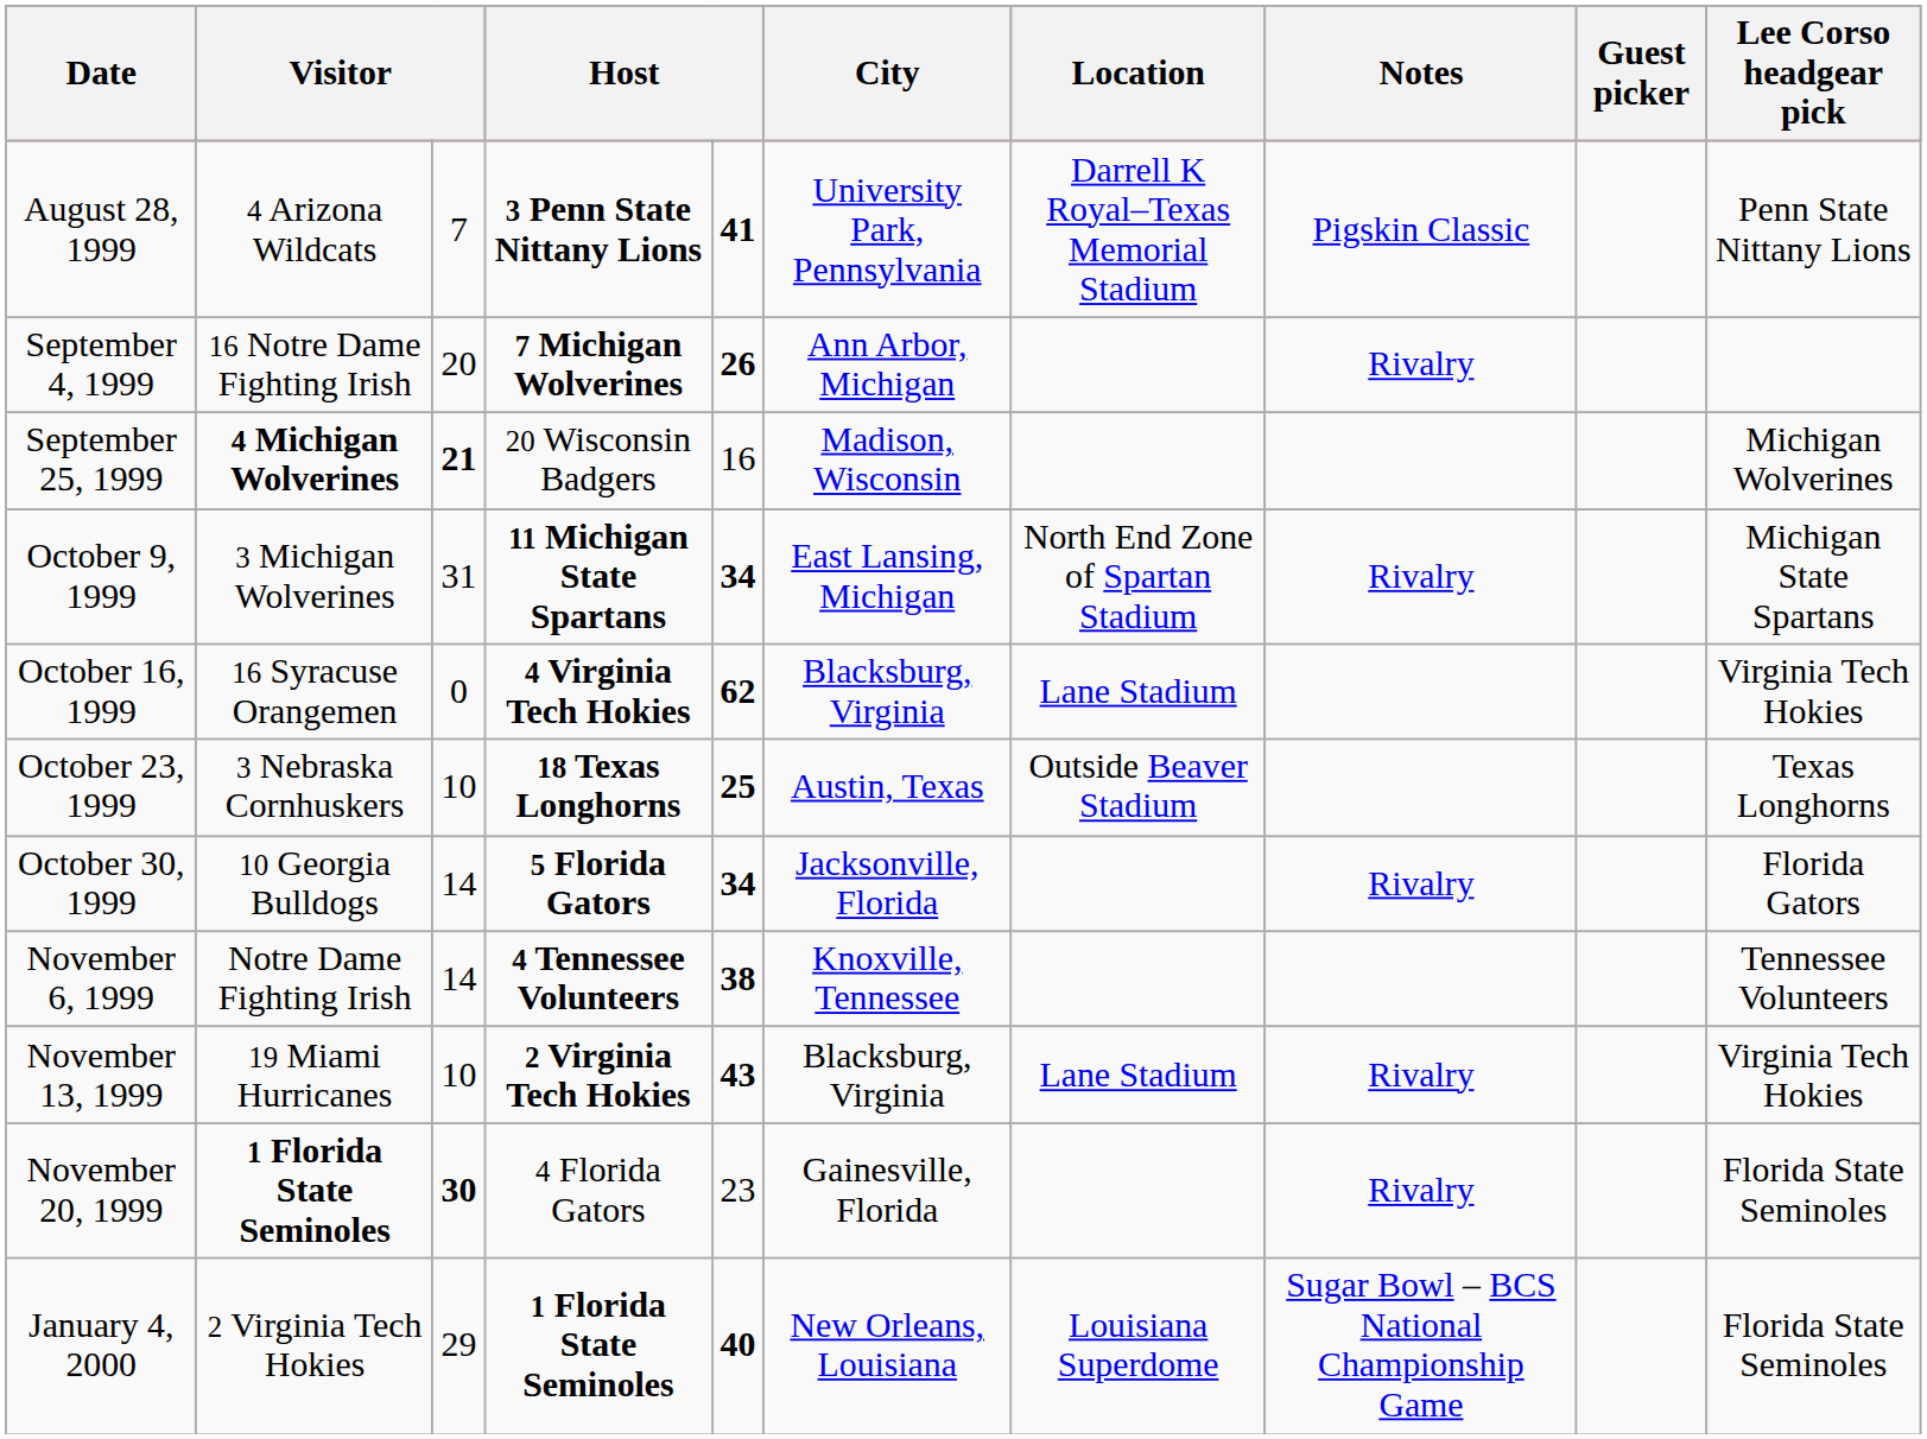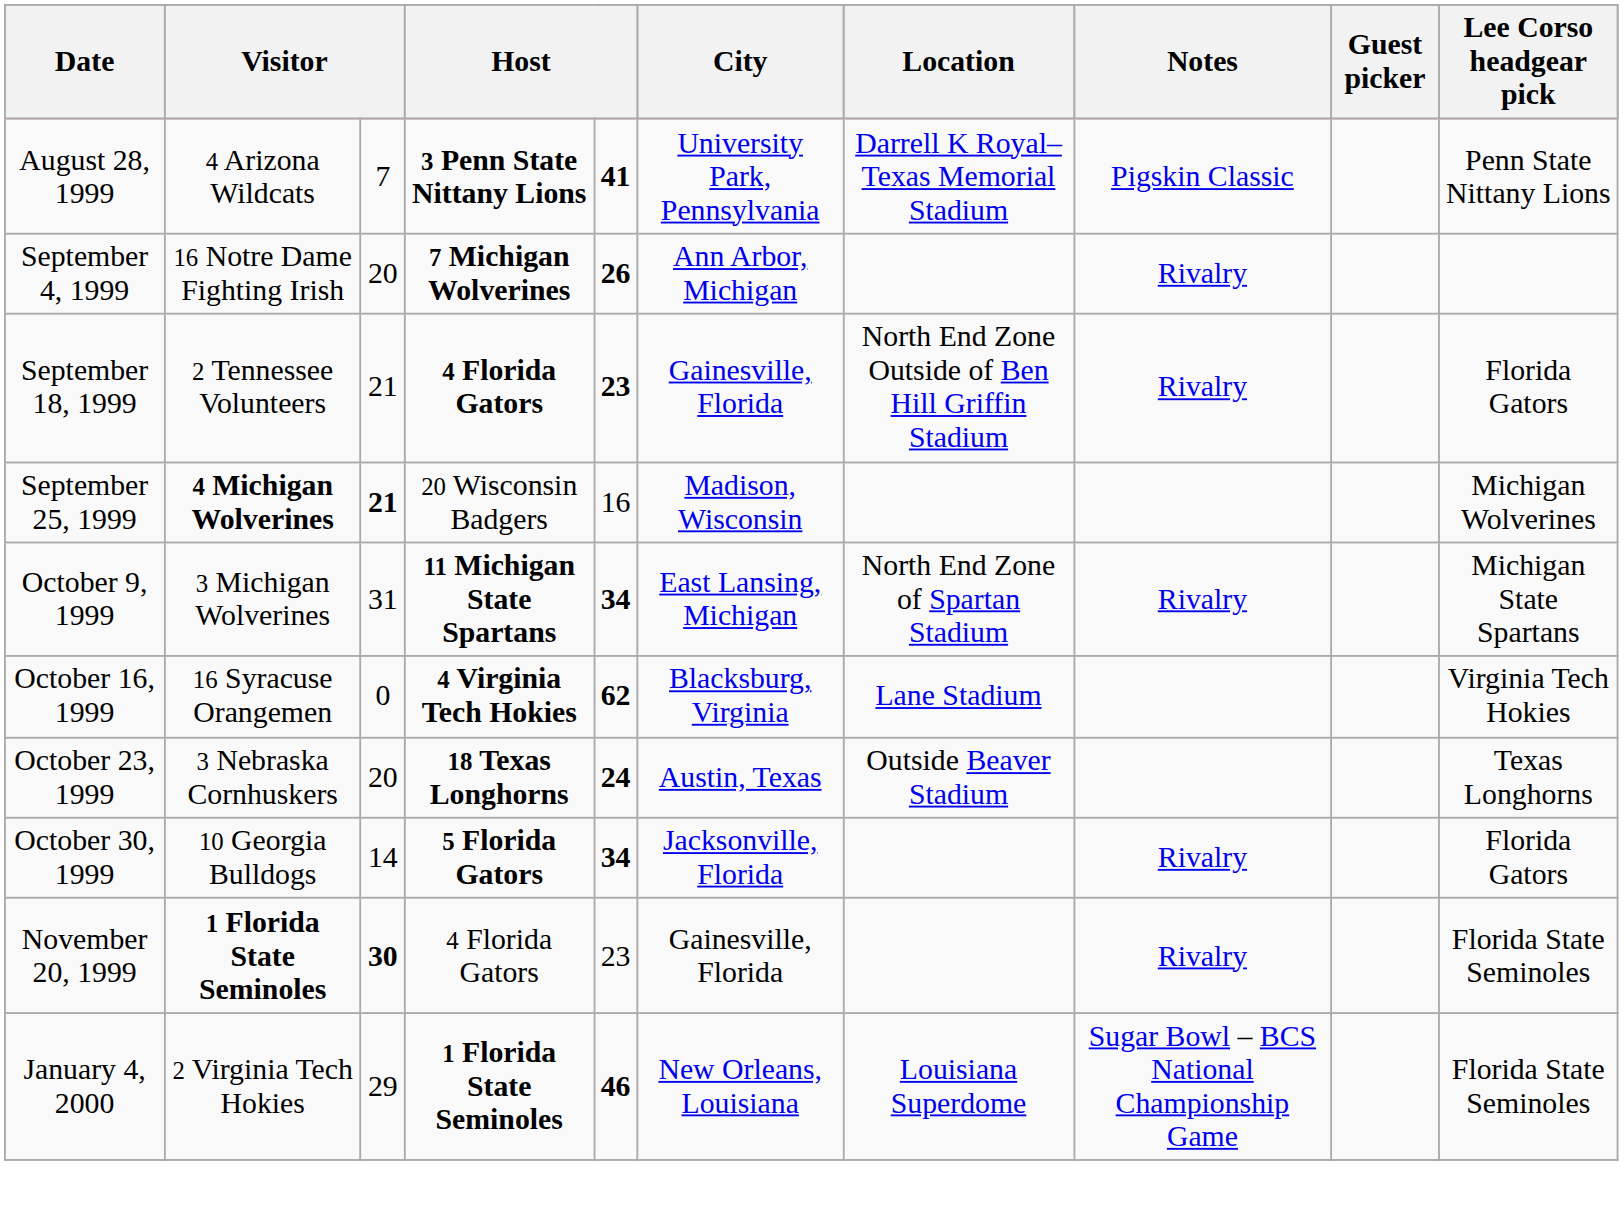 <table class="wikitable" style="text-align:center">
 <tr style="background:#A32638;"|>
 <th>Date</th>
 <th colspan=2>Visitor</th>
 <th colspan=2>Host</th>
 <th>City</th>
 <th>Location</th>
 <th>Notes</th>
 <th>Guest picker</th>
 <th>Lee Corso headgear pick</th>
 </tr>
 <tr>
 <td>August 28, 1999</td>
 <td><small>4</small> Arizona Wildcats</td>
 <td>7</td>
 <td><strong><small>3</small> Penn State Nittany Lions</strong></td>
 <td><strong>41</strong></td>
 <td><a href='#'>University Park, Pennsylvania</a></td>
 <td><a href='#'>Darrell K Royal–Texas Memorial Stadium</a></td>
 <td><a href='#'>Pigskin Classic</a></td>
 <td></td>
 <td>Penn State Nittany Lions</td>
 </tr>
 <tr>
 <td>September 4, 1999</td>
 <td><small>16</small> Notre Dame Fighting Irish</td>
 <td>20</td>
 <td><strong><small>7</small> Michigan Wolverines</strong></td>
 <td><strong>26</strong></td>
 <td><a href='#'>Ann Arbor, Michigan</a></td>
 <td></td>
 <td><a href='#'>Rivalry</a></td>
 <td></td>
 <td></td>
+</tr>
+<tr>
+<td>September 18, 1999</td>
+<td><small>2</small> Tennessee Volunteers</td>
+<td>21</td>
+<td><strong><small>4</small> Florida Gators</strong></td>
+<td><strong>23</strong></td>
+<td><a href='#'>Gainesville, Florida</a></td>
+<td>North End Zone Outside of <a href='#'>Ben Hill Griffin Stadium</a></td>
+<td><a href='#'>Rivalry</a></td>
+<td></td>
+<td>Florida Gators</td>
 </tr>
 <tr>
 <td>September 25, 1999</td>
 <td><strong><small>4</small> Michigan Wolverines</strong></td>
 <td><strong>21</strong></td>
 <td><small>20</small> Wisconsin Badgers</td>
 <td>16</td>
 <td><a href='#'>Madison, Wisconsin</a></td>
 <td></td>
 <td></td>
 <td></td>
 <td>Michigan Wolverines</td>
 </tr>
 <tr>
 <td>October 9, 1999</td>
 <td><small>3</small> Michigan Wolverines</td>
 <td>31</td>
 <td><strong><small>11</small> Michigan State Spartans</strong></td>
 <td><strong>34</strong></td>
 <td><a href='#'>East Lansing, Michigan</a></td>
 <td>North End Zone of <a href='#'>Spartan Stadium</a></td>
 <td><a href='#'>Rivalry</a></td>
 <td></td>
 <td>Michigan State Spartans</td>
 </tr>
 <tr>
 <td>October 16, 1999</td>
 <td><small>16</small> Syracuse Orangemen</td>
 <td>0</td>
 <td><strong><small>4</small> Virginia Tech Hokies</strong></td>
 <td><strong>62</strong></td>
 <td><a href='#'>Blacksburg, Virginia</a></td>
 <td><a href='#'>Lane Stadium</a></td>
 <td></td>
 <td></td>
 <td>Virginia Tech Hokies</td>
 </tr>
 <tr>
 <td>October 23, 1999</td>
 <td><small>3</small> Nebraska Cornhuskers</td>
-<td>10</td>
+<td>20</td>
 <td><strong><small>18</small> Texas Longhorns</strong></td>
-<td><strong>25</strong></td>
+<td><strong>24</strong></td>
 <td><a href='#'>Austin, Texas</a></td>
 <td>Outside <a href='#'>Beaver Stadium</a></td>
 <td></td>
 <td></td>
 <td>Texas Longhorns</td>
 </tr>
 <tr>
 <td>October 30, 1999</td>
 <td><small>10</small> Georgia Bulldogs</td>
 <td>14</td>
 <td><strong><small>5</small> Florida Gators</strong></td>
 <td><strong>34</strong></td>
 <td><a href='#'>Jacksonville, Florida</a></td>
 <td></td>
 <td><a href='#'>Rivalry</a></td>
 <td></td>
 <td>Florida Gators</td>
 </tr>
 <tr>
-<td>November 6, 1999</td>
-<td>Notre Dame Fighting Irish</td>
-<td>14</td>
-<td><strong><small>4</small> Tennessee Volunteers</strong></td>
-<td><strong>38</strong></td>
-<td><a href='#'>Knoxville, Tennessee</a></td>
-<td></td>
-<td></td>
-<td></td>
-<td>Tennessee Volunteers</td>
-</tr>
-<tr>
-<td>November 13, 1999</td>
-<td><small>19</small> Miami Hurricanes</td>
-<td>10</td>
-<td><strong><small>2</small> Virginia Tech Hokies</strong></td>
-<td><strong>43</strong></td>
-<td>Blacksburg, Virginia</td>
-<td><a href='#'>Lane Stadium</a></td>
-<td><a href='#'>Rivalry</a></td>
-<td></td>
-<td>Virginia Tech Hokies</td>
-</tr>
-<tr>
 <td>November 20, 1999</td>
 <td><strong><small>1</small> Florida State Seminoles</strong></td>
 <td><strong>30</strong></td>
 <td><small>4</small> Florida Gators</td>
 <td>23</td>
 <td>Gainesville, Florida</td>
 <td></td>
 <td><a href='#'>Rivalry</a></td>
 <td></td>
 <td>Florida State Seminoles</td>
 </tr>
 <tr>
 <td>January 4, 2000</td>
 <td><small>2</small> Virginia Tech Hokies</td>
 <td>29</td>
 <td><strong><small>1</small> Florida State Seminoles</strong></td>
-<td><strong>40</strong></td>
+<td><strong>46</strong></td>
 <td><a href='#'>New Orleans, Louisiana</a></td>
 <td><a href='#'>Louisiana Superdome</a></td>
 <td><a href='#'>Sugar Bowl</a> – <a href='#'>BCS National Championship Game</a></td>
 <td></td>
 <td>Florida State Seminoles</td>
 </tr>
 </table>
